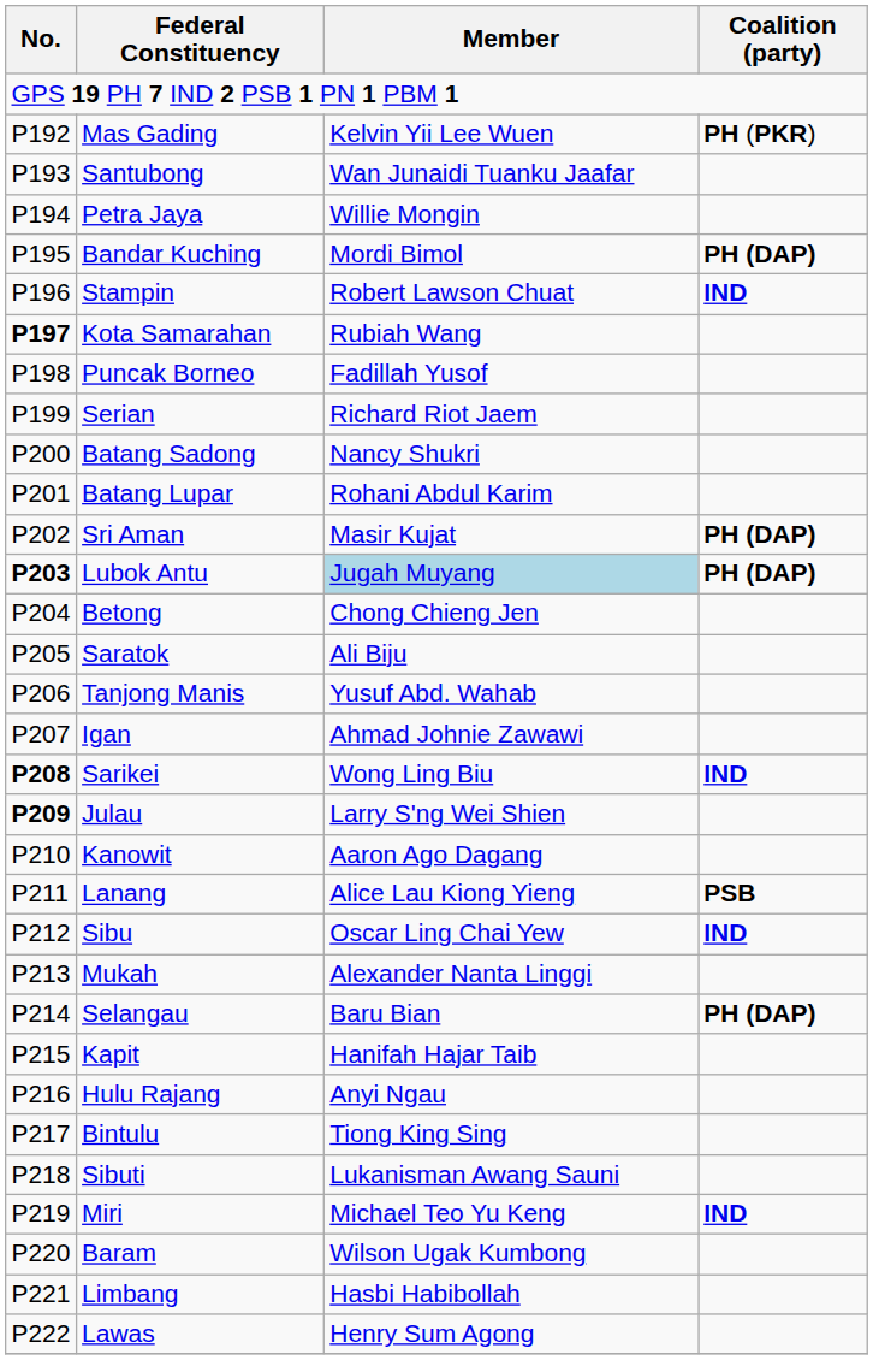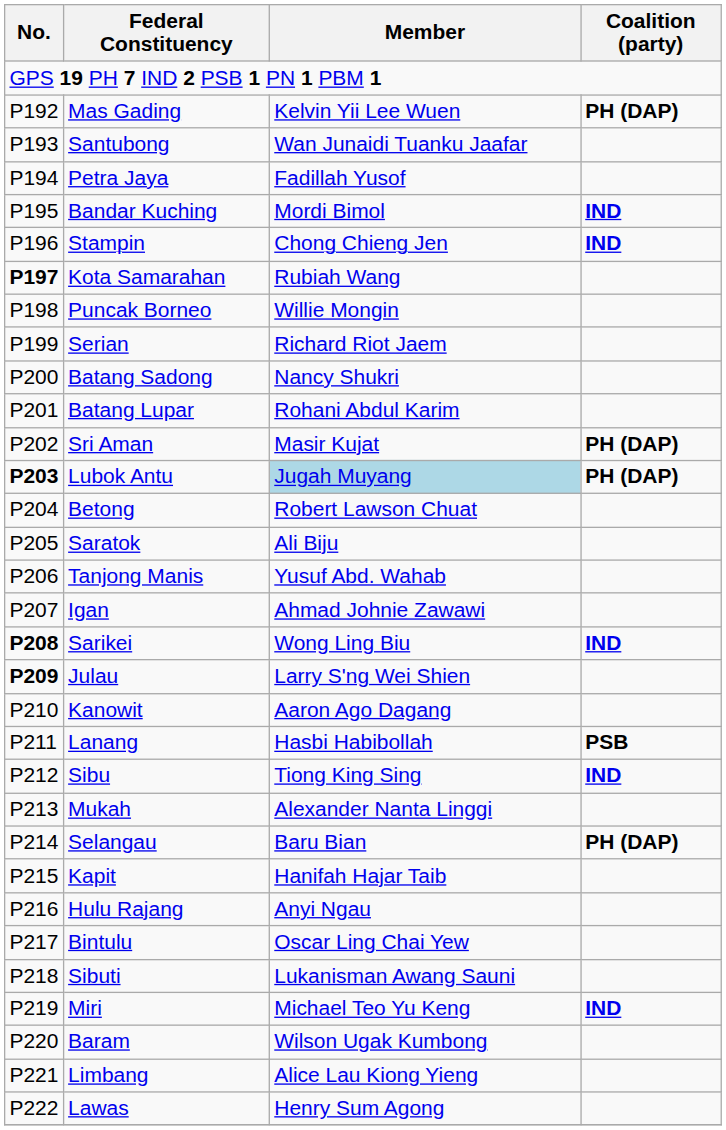 <table class="wikitable sortable">
 <tr>
 <th style="width:30px;">No.</th>
 <th style="width:150px;">Federal Constituency</th>
 <th style="width:230px;">Member</th>
 <th style="width:100px;">Coalition (party)</th>
 </tr>
 <tr>
 <td colspan="4"><a href='#'>GPS</a> <strong>19</strong> <a href='#'>PH</a> <strong>7</strong> <a href='#'>IND</a> <strong>2</strong> <a href='#'>PSB</a> <strong>1</strong> <a href='#'>PN</a> <strong>1</strong> <a href='#'>PBM</a> <strong>1</strong></td>
 </tr>
 <tr>
 <td>P192</td>
 <td><a href='#'>Mas Gading</a></td>
 <td><a href='#'>Kelvin Yii Lee Wuen</a></td>
-<td><strong>PH</strong>  (<strong>PKR</strong>)</td>
+<td><strong>PH</strong> <strong>(DAP)</strong></td>
 </tr>
 <tr>
 <td>P193</td>
 <td><a href='#'>Santubong</a></td>
 <td><a href='#'>Wan Junaidi Tuanku Jaafar</a></td>
 <td></td>
 </tr>
 <tr>
 <td>P194</td>
 <td><a href='#'>Petra Jaya</a></td>
-<td><a href='#'>Willie Mongin</a></td>
+<td><a href='#'>Fadillah Yusof</a></td>
 <td></td>
 </tr>
 <tr>
 <td>P195</td>
 <td><a href='#'>Bandar Kuching</a></td>
 <td><a href='#'>Mordi Bimol</a></td>
-<td><strong>PH</strong> <strong>(DAP)</strong></td>
+<td><strong><a href='#'>IND</a></strong></td>
 </tr>
 <tr>
 <td>P196</td>
 <td><a href='#'>Stampin</a></td>
-<td><a href='#'>Robert Lawson Chuat</a></td>
+<td><a href='#'>Chong Chieng Jen</a></td>
 <td><strong><a href='#'>IND</a></strong></td>
 </tr>
 <tr>
 <td><strong>P197</strong></td>
 <td><a href='#'>Kota Samarahan</a></td>
 <td><a href='#'>Rubiah Wang</a></td>
 <td></td>
 </tr>
 <tr>
 <td>P198</td>
 <td><a href='#'>Puncak Borneo</a></td>
-<td><a href='#'>Fadillah Yusof</a></td>
+<td><a href='#'>Willie Mongin</a></td>
 <td></td>
 </tr>
 <tr>
 <td>P199</td>
 <td><a href='#'>Serian</a></td>
 <td><a href='#'>Richard Riot Jaem</a></td>
 <td></td>
 </tr>
 <tr>
 <td>P200</td>
 <td><a href='#'>Batang Sadong</a></td>
 <td><a href='#'>Nancy Shukri</a></td>
 <td></td>
 </tr>
 <tr>
 <td>P201</td>
 <td><a href='#'>Batang Lupar</a></td>
 <td><a href='#'>Rohani Abdul Karim</a></td>
 <td></td>
 </tr>
 <tr>
 <td>P202</td>
 <td><a href='#'>Sri Aman</a></td>
 <td><a href='#'>Masir Kujat</a></td>
 <td><strong>PH</strong> <strong>(DAP)</strong></td>
 </tr>
 <tr>
 <td><strong>P203</strong></td>
 <td><a href='#'>Lubok Antu</a></td>
 <td style="background: lightblue;"><a href='#'>Jugah Muyang</a></td>
 <td><strong>PH</strong> <strong>(DAP)</strong></td>
 </tr>
 <tr>
 <td>P204</td>
 <td><a href='#'>Betong</a></td>
-<td><a href='#'>Chong Chieng Jen</a></td>
+<td><a href='#'>Robert Lawson Chuat</a></td>
 <td></td>
 </tr>
 <tr>
 <td>P205</td>
 <td><a href='#'>Saratok</a></td>
 <td><a href='#'>Ali Biju</a></td>
 <td></td>
 </tr>
 <tr>
 <td>P206</td>
 <td><a href='#'>Tanjong Manis</a></td>
 <td><a href='#'>Yusuf Abd. Wahab</a></td>
 <td></td>
 </tr>
 <tr>
 <td>P207</td>
 <td><a href='#'>Igan</a></td>
 <td><a href='#'>Ahmad Johnie Zawawi</a></td>
 <td></td>
 </tr>
 <tr>
 <td><strong>P208</strong></td>
 <td><a href='#'>Sarikei</a></td>
 <td><a href='#'>Wong Ling Biu</a></td>
 <td><strong><a href='#'>IND</a></strong></td>
 </tr>
 <tr>
 <td><strong>P209</strong></td>
 <td><a href='#'>Julau</a></td>
 <td><a href='#'>Larry S'ng Wei Shien</a></td>
 <td></td>
 </tr>
 <tr>
 <td>P210</td>
 <td><a href='#'>Kanowit</a></td>
 <td><a href='#'>Aaron Ago Dagang</a></td>
 <td></td>
 </tr>
 <tr>
 <td>P211</td>
 <td><a href='#'>Lanang</a></td>
-<td><a href='#'>Alice Lau Kiong Yieng</a></td>
+<td><a href='#'>Hasbi Habibollah</a></td>
 <td><strong>PSB</strong></td>
 </tr>
 <tr>
 <td>P212</td>
 <td><a href='#'>Sibu</a></td>
-<td><a href='#'>Oscar Ling Chai Yew</a></td>
+<td><a href='#'>Tiong King Sing</a></td>
 <td><strong><a href='#'>IND</a></strong></td>
 </tr>
 <tr>
 <td>P213</td>
 <td><a href='#'>Mukah</a></td>
 <td><a href='#'>Alexander Nanta Linggi</a></td>
 <td></td>
 </tr>
 <tr>
 <td>P214</td>
 <td><a href='#'>Selangau</a></td>
 <td><a href='#'>Baru Bian</a></td>
 <td><strong>PH (DAP)</strong></td>
 </tr>
 <tr>
 <td>P215</td>
 <td><a href='#'>Kapit</a></td>
 <td><a href='#'>Hanifah Hajar Taib</a></td>
 <td></td>
 </tr>
 <tr>
 <td>P216</td>
 <td><a href='#'>Hulu Rajang</a></td>
 <td><a href='#'>Anyi Ngau</a></td>
 <td></td>
 </tr>
 <tr>
 <td>P217</td>
 <td><a href='#'>Bintulu</a></td>
-<td><a href='#'>Tiong King Sing</a></td>
+<td><a href='#'>Oscar Ling Chai Yew</a></td>
 <td></td>
 </tr>
 <tr>
 <td>P218</td>
 <td><a href='#'>Sibuti</a></td>
 <td><a href='#'>Lukanisman Awang Sauni</a></td>
 <td></td>
 </tr>
 <tr>
 <td>P219</td>
 <td><a href='#'>Miri</a></td>
 <td><a href='#'>Michael Teo Yu Keng</a></td>
 <td><strong><a href='#'>IND</a></strong></td>
 </tr>
 <tr>
 <td>P220</td>
 <td><a href='#'>Baram</a></td>
 <td><a href='#'>Wilson Ugak Kumbong</a></td>
 <td></td>
 </tr>
 <tr>
 <td>P221</td>
 <td><a href='#'>Limbang</a></td>
-<td><a href='#'>Hasbi Habibollah</a></td>
+<td><a href='#'>Alice Lau Kiong Yieng</a></td>
 <td></td>
 </tr>
 <tr>
 <td>P222</td>
 <td><a href='#'>Lawas</a></td>
 <td><a href='#'>Henry Sum Agong</a></td>
 <td></td>
 </tr>
 <tr>
 </tr>
 </table>
